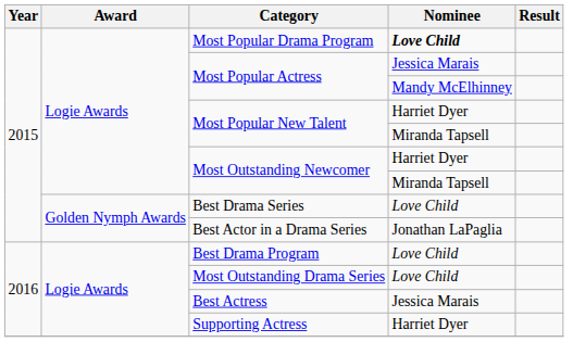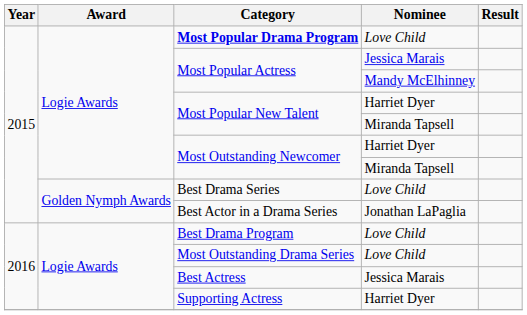 <table class="wikitable plainrowheaders">
 <tr>
 <th scope="col">Year</th>
 <th scope="col">Award</th>
 <th scope="col">Category</th>
 <th scope="col">Nominee</th>
 <th scope="col">Result</th>
 </tr>
 <tr>
 <td scope="row" rowspan="9">2015</td>
 <td rowspan="7"><a href='#'>Logie Awards</a></td>
-<td><a href='#'>Most Popular Drama Program</a></td>
-<td><strong><em>Love Child</em></strong></td>
+<td><strong><a href='#'>Most Popular Drama Program</a></strong></td>
+<td><em>Love Child</em></td>
 <td></td>
 </tr>
 <tr>
 <td rowspan="2"><a href='#'>Most Popular Actress</a></td>
 <td><a href='#'>Jessica Marais</a></td>
 <td></td>
 </tr>
 <tr>
 <td><a href='#'>Mandy McElhinney</a></td>
 <td></td>
 </tr>
 <tr>
 <td rowspan="2"><a href='#'>Most Popular New Talent</a></td>
 <td>Harriet Dyer</td>
 <td></td>
 </tr>
 <tr>
 <td>Miranda Tapsell</td>
 <td></td>
 </tr>
 <tr>
 <td rowspan="2"><a href='#'>Most Outstanding Newcomer</a></td>
 <td>Harriet Dyer</td>
 <td></td>
 </tr>
 <tr>
 <td>Miranda Tapsell</td>
 <td></td>
 </tr>
 <tr>
 <td rowspan="2"><a href='#'>Golden Nymph Awards</a></td>
 <td>Best Drama Series</td>
 <td><em>Love Child</em></td>
 <td></td>
 </tr>
 <tr>
 <td>Best Actor in a Drama Series</td>
 <td>Jonathan LaPaglia</td>
 <td></td>
 </tr>
 <tr>
 <td scope="row" rowspan="4">2016</td>
 <td rowspan="4"><a href='#'>Logie Awards</a></td>
 <td><a href='#'>Best Drama Program</a></td>
 <td><em>Love Child</em></td>
 <td></td>
 </tr>
 <tr>
 <td><a href='#'>Most Outstanding Drama Series</a></td>
 <td><em>Love Child</em></td>
 <td></td>
 </tr>
 <tr>
 <td><a href='#'>Best Actress</a></td>
 <td>Jessica Marais</td>
 <td></td>
 </tr>
 <tr>
 <td><a href='#'>Supporting Actress</a></td>
 <td>Harriet Dyer</td>
 <td></td>
 </tr>
 <tr>
 </tr>
 </table>
